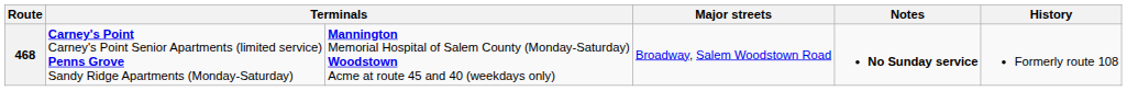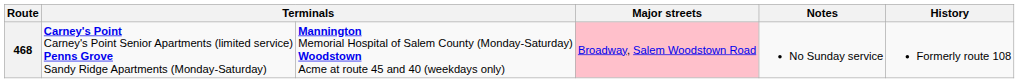 <table class="wikitable">
 <tr>
 <th>Route</th>
 <th colspan=2>Terminals</th>
 <th>Major streets</th>
 <th>Notes</th>
 <th>History</th>
 </tr>
 <tr>
 <th>468</th>
 <td><strong><a href='#'>Carney's Point</a></strong><br>Carney's Point Senior Apartments (limited service)<br><strong><a href='#'>Penns Grove</a></strong><br>Sandy Ridge Apartments (Monday-Saturday)</td>
 <td><strong><a href='#'>Mannington</a></strong><br>Memorial Hospital of Salem County (Monday-Saturday)<br><strong><a href='#'>Woodstown</a></strong><br>Acme at route 45 and 40 (weekdays only)</td>
-<td><a href='#'>Broadway</a>, <a href='#'>Salem Woodstown Road</a></td>
-<td><strong><br><ul><li>No Sunday service</li></ul></strong></td>
+<td style="background: pink;"><a href='#'>Broadway</a>, <a href='#'>Salem Woodstown Road</a></td>
+<td><br><ul><li>No Sunday service</li></ul></td>
 <td><br><ul><li>Formerly route 108</li></ul></td>
 </tr>
 </table>
